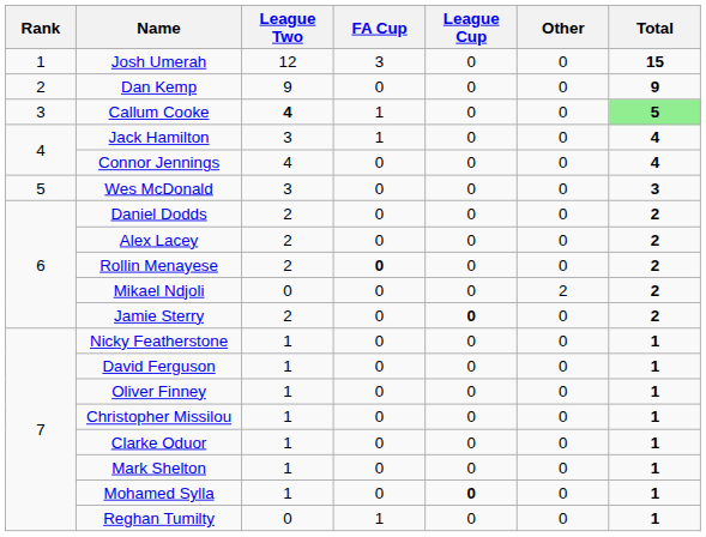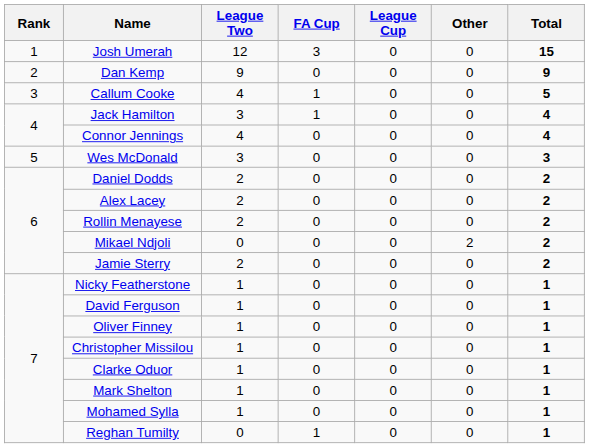 <table class="wikitable" style="font-size: 95%; text-align: center;">
 <tr>
 <th width=60>Rank</th>
 <th width=150>Name</th>
 <th width=80><a href='#'>League Two</a></th>
 <th width=80><a href='#'>FA Cup</a></th>
 <th width=80><a href='#'>League Cup</a></th>
 <th width=80>Other</th>
 <th width=80><strong>Total</strong></th>
 </tr>
 <tr>
 <td>1</td>
 <td><a href='#'>Josh Umerah</a></td>
 <td>12</td>
 <td>3</td>
 <td>0</td>
 <td>0</td>
 <td><strong>15</strong></td>
 </tr>
 <tr>
 <td>2</td>
 <td><a href='#'>Dan Kemp</a></td>
 <td>9</td>
 <td>0</td>
 <td>0</td>
 <td>0</td>
 <td><strong>9</strong></td>
 </tr>
 <tr>
 <td>3</td>
 <td><a href='#'>Callum Cooke</a></td>
-<td><strong>4</strong></td>
+<td>4</td>
 <td>1</td>
 <td>0</td>
 <td>0</td>
-<td style="background: lightgreen;"><strong>5</strong></td>
+<td><strong>5</strong></td>
 </tr>
 <tr>
 <td rowspan=2>4</td>
 <td><a href='#'>Jack Hamilton</a></td>
 <td>3</td>
 <td>1</td>
 <td>0</td>
 <td>0</td>
 <td><strong>4</strong></td>
 </tr>
 <tr>
 <td><a href='#'>Connor Jennings</a></td>
 <td>4</td>
 <td>0</td>
 <td>0</td>
 <td>0</td>
 <td><strong>4</strong></td>
 </tr>
 <tr>
 <td>5</td>
 <td><a href='#'>Wes McDonald</a></td>
 <td>3</td>
 <td>0</td>
 <td>0</td>
 <td>0</td>
 <td><strong>3</strong></td>
 </tr>
 <tr>
 <td rowspan=5>6</td>
 <td><a href='#'>Daniel Dodds</a></td>
 <td>2</td>
 <td>0</td>
 <td>0</td>
 <td>0</td>
 <td><strong>2</strong></td>
 </tr>
 <tr>
 <td><a href='#'>Alex Lacey</a></td>
 <td>2</td>
 <td>0</td>
 <td>0</td>
 <td>0</td>
 <td><strong>2</strong></td>
 </tr>
 <tr>
 <td><a href='#'>Rollin Menayese</a></td>
 <td>2</td>
-<td><strong>0</strong></td>
+<td>0</td>
 <td>0</td>
 <td>0</td>
 <td><strong>2</strong></td>
 </tr>
 <tr>
 <td><a href='#'>Mikael Ndjoli</a></td>
 <td>0</td>
 <td>0</td>
 <td>0</td>
 <td>2</td>
 <td><strong>2</strong></td>
 </tr>
 <tr>
 <td><a href='#'>Jamie Sterry</a></td>
 <td>2</td>
 <td>0</td>
-<td><strong>0</strong></td>
+<td>0</td>
 <td>0</td>
 <td><strong>2</strong></td>
 </tr>
 <tr>
 <td rowspan=8>7</td>
 <td><a href='#'>Nicky Featherstone</a></td>
 <td>1</td>
 <td>0</td>
 <td>0</td>
 <td>0</td>
 <td><strong>1</strong></td>
 </tr>
 <tr>
 <td><a href='#'>David Ferguson</a></td>
 <td>1</td>
 <td>0</td>
 <td>0</td>
 <td>0</td>
 <td><strong>1</strong></td>
 </tr>
 <tr>
 <td><a href='#'>Oliver Finney</a></td>
 <td>1</td>
 <td>0</td>
 <td>0</td>
 <td>0</td>
 <td><strong>1</strong></td>
 </tr>
 <tr>
 <td><a href='#'>Christopher Missilou</a></td>
 <td>1</td>
 <td>0</td>
 <td>0</td>
 <td>0</td>
 <td><strong>1</strong></td>
 </tr>
 <tr>
 <td><a href='#'>Clarke Oduor</a></td>
 <td>1</td>
 <td>0</td>
 <td>0</td>
 <td>0</td>
 <td><strong>1</strong></td>
 </tr>
 <tr>
 <td><a href='#'>Mark Shelton</a></td>
 <td>1</td>
 <td>0</td>
 <td>0</td>
 <td>0</td>
 <td><strong>1</strong></td>
 </tr>
 <tr>
 <td><a href='#'>Mohamed Sylla</a></td>
 <td>1</td>
 <td>0</td>
-<td><strong>0</strong></td>
+<td>0</td>
 <td>0</td>
 <td><strong>1</strong></td>
 </tr>
 <tr>
 <td><a href='#'>Reghan Tumilty</a></td>
 <td>0</td>
 <td>1</td>
 <td>0</td>
 <td>0</td>
 <td><strong>1</strong></td>
 </tr>
 </table>
